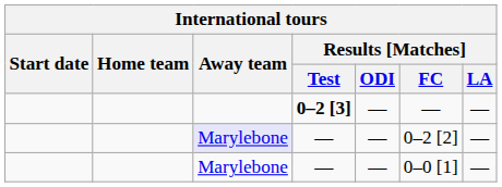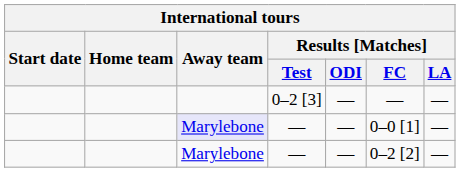 <table class="wikitable">
 <tr>
 <th colspan="7">International tours</th>
 </tr>
 <tr>
 <th rowspan="2">Start date</th>
 <th rowspan="2">Home team</th>
 <th rowspan="2">Away team</th>
 <th colspan="4">Results [Matches]</th>
 </tr>
 <tr>
 <th><a href='#'>Test</a></th>
 <th><a href='#'>ODI</a></th>
 <th><a href='#'>FC</a></th>
 <th><a href='#'>LA</a></th>
 </tr>
 <tr>
 <td><a href='#'></a></td>
 <td></td>
 <td></td>
-<td><strong>0–2 [3]</strong></td>
+<td>0–2 [3]</td>
 <td ; style="text-align:center">—</td>
 <td ; style="text-align:center">—</td>
 <td ; style="text-align:center">—</td>
 </tr>
 <tr>
 <td><a href='#'></a></td>
 <td></td>
 <td style="background: lavender;"><a href='#'>Marylebone</a></td>
 <td ; style="text-align:center">—</td>
 <td ; style="text-align:center">—</td>
-<td>0–2 [2]</td>
+<td>0–0 [1]</td>
 <td ; style="text-align:center">—</td>
 </tr>
 <tr>
 <td><a href='#'></a></td>
 <td></td>
 <td><a href='#'>Marylebone</a></td>
 <td ; style="text-align:center">—</td>
 <td ; style="text-align:center">—</td>
-<td>0–0 [1]</td>
+<td>0–2 [2]</td>
 <td ; style="text-align:center">—</td>
 </tr>
 </table>
